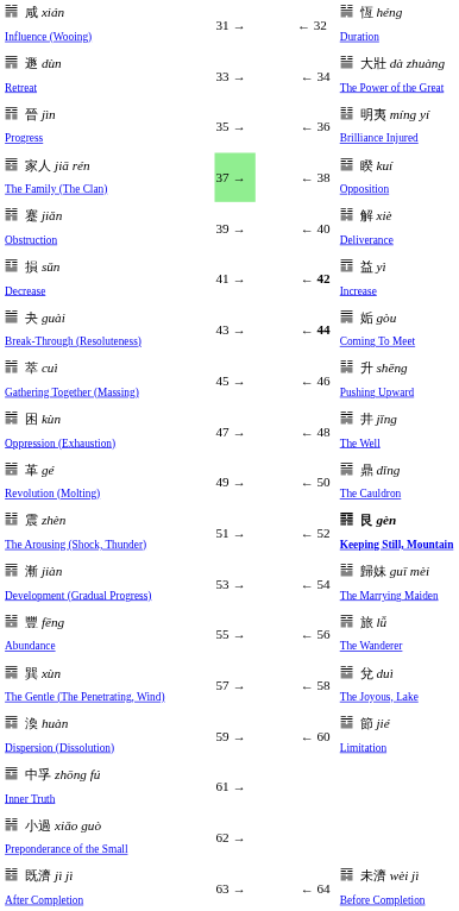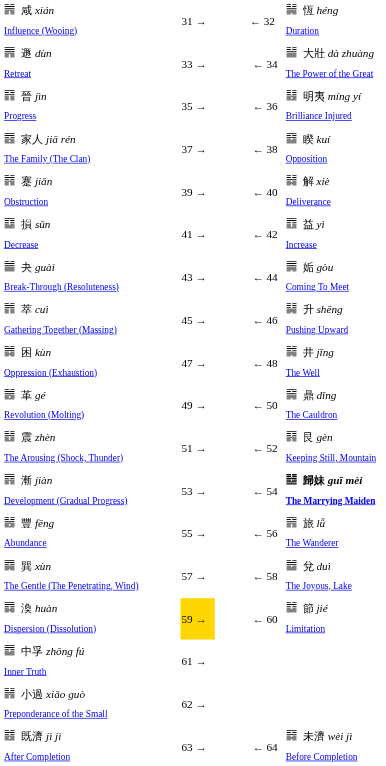 <table style="width:41em;line-height:1.75em;">
 <tr>
 <td style="width:17em;">䷞  咸 <em>xián</em><br><small><a href='#'>Influence (Wooing)</a></small></td>
 <td style="width:3em;">31 →</td>
 <td style="width:1em;font-size:300%;"></td>
 <td style="width:3em;">← 32</td>
 <td style="width:17em;">䷟  恆 <em>héng</em><br><small><a href='#'>Duration</a></small></td>
 </tr>
 <tr>
 <td>䷠  遯 <em>dùn</em><br><small><a href='#'>Retreat</a></small></td>
 <td>33 → </td>
 <td style="font-size:300%;"></td>
 <td> ← 34 </td>
 <td>䷡  大壯 <em>dà zhuàng</em><br><small><a href='#'>The Power of the Great</a></small></td>
 </tr>
 <tr>
 <td>䷢  晉 <em>jìn</em><br><small><a href='#'>Progress</a></small></td>
 <td>35 → </td>
 <td style="font-size:300%;"></td>
 <td> ← 36 </td>
 <td>䷣  明夷 <em>míng yí</em><br><small><a href='#'>Brilliance Injured</a></small></td>
 </tr>
 <tr>
 <td>䷤  家人 <em>jiā rén</em><br><small><a href='#'>The Family (The Clan)</a></small></td>
-<td style="background: lightgreen;">37 → </td>
+<td>37 → </td>
 <td style="font-size:300%;"></td>
 <td> ← 38 </td>
 <td>䷥  睽 <em>kuí</em><br><small><a href='#'>Opposition</a></small></td>
 </tr>
 <tr>
 <td>䷦  蹇 <em>jiǎn</em><br><small><a href='#'>Obstruction</a></small></td>
 <td>39 → </td>
 <td style="font-size:300%;"></td>
 <td> ← 40 </td>
 <td>䷧  解 <em>xiè</em><br><small><a href='#'>Deliverance</a></small></td>
 </tr>
 <tr>
 <td>䷨  損 <em>sǔn</em><br><small><a href='#'>Decrease</a></small></td>
 <td>41 → </td>
 <td style="font-size:300%;"></td>
-<td><strong> ← 42 </strong></td>
+<td> ← 42 </td>
 <td>䷩  益 <em>yì</em><br><small><a href='#'>Increase</a></small></td>
 </tr>
 <tr>
 <td>䷪  夬 <em>guài</em><br><small><a href='#'>Break-Through (Resoluteness)</a></small></td>
 <td>43 → </td>
 <td style="font-size:300%;"></td>
-<td><strong> ← 44 </strong></td>
+<td> ← 44 </td>
 <td>䷫  姤 <em>gòu</em><br><small><a href='#'>Coming To Meet</a></small></td>
 </tr>
 <tr>
 <td>䷬  萃 <em>cuì</em><br><small><a href='#'>Gathering Together (Massing)</a></small></td>
 <td>45 → </td>
 <td style="font-size:300%;"></td>
 <td> ← 46 </td>
 <td>䷭  升 <em>shēng</em><br><small><a href='#'>Pushing Upward</a></small></td>
 </tr>
 <tr>
 <td>䷮  困 <em>kùn</em><br><small><a href='#'>Oppression (Exhaustion)</a></small></td>
 <td>47 → </td>
 <td style="font-size:300%;"></td>
 <td> ← 48 </td>
 <td>䷯  井 <em>jǐng</em><br><small><a href='#'>The Well</a></small></td>
 </tr>
 <tr>
 <td>䷰  革 <em>gé</em><br><small><a href='#'>Revolution (Molting)</a></small></td>
 <td>49 → </td>
 <td style="font-size:300%;"></td>
 <td> ← 50 </td>
 <td>䷱  鼎 <em>dǐng</em><br><small><a href='#'>The Cauldron</a></small></td>
 </tr>
 <tr>
 <td>䷲  震 <em>zhèn</em><br><small><a href='#'>The Arousing (Shock, Thunder)</a></small></td>
 <td>51 → </td>
 <td style="font-size:300%;"></td>
 <td> ← 52 </td>
-<td><strong>䷳  艮 <em>gèn</em><br><small><a href='#'>Keeping Still, Mountain</a></small></strong></td>
+<td>䷳  艮 <em>gèn</em><br><small><a href='#'>Keeping Still, Mountain</a></small></td>
 </tr>
 <tr>
 <td>䷴  漸 <em>jiàn</em><br><small><a href='#'>Development (Gradual Progress)</a></small></td>
 <td>53 → </td>
 <td style="font-size:300%;"></td>
 <td> ← 54 </td>
-<td>䷵  歸妹 <em>guī mèi</em><br><small><a href='#'>The Marrying Maiden</a></small></td>
+<td><strong>䷵  歸妹 <em>guī mèi</em><br><small><a href='#'>The Marrying Maiden</a></small></strong></td>
 </tr>
 <tr>
 <td>䷶  豐 <em>fēng</em><br><small><a href='#'>Abundance</a></small></td>
 <td>55 → </td>
 <td style="font-size:300%;"></td>
 <td> ← 56 </td>
 <td>䷷  旅 <em>lǚ</em><br><small><a href='#'>The Wanderer</a></small></td>
 </tr>
 <tr>
 <td>䷸  巽 <em>xùn</em><br><small><a href='#'>The Gentle (The Penetrating, Wind)</a></small></td>
 <td>57 → </td>
 <td style="font-size:300%;"></td>
 <td> ← 58 </td>
 <td>䷹  兌 <em>duì</em><br><small><a href='#'>The Joyous, Lake</a></small></td>
 </tr>
 <tr>
 <td>䷺  渙 <em>huàn</em><br><small><a href='#'>Dispersion (Dissolution)</a></small></td>
-<td>59 → </td>
+<td style="background: gold;">59 → </td>
 <td style="font-size:300%;"></td>
 <td> ← 60 </td>
 <td>䷻  節 <em>jié</em><br><small><a href='#'>Limitation</a></small></td>
 </tr>
 <tr>
 <td>䷼  中孚 <em>zhōng fú</em><br><small><a href='#'>Inner Truth</a></small></td>
 <td>61 → </td>
 <td style="font-size:300%;"></td>
 <td></td>
 <td></td>
 </tr>
 <tr>
 <td>䷽  小過 <em>xiǎo guò</em><br><small><a href='#'>Preponderance of the Small</a></small></td>
 <td>62 → </td>
 <td style="font-size:300%;"></td>
 </tr>
 <tr>
 <td>䷾  既濟 <em>jì jì</em><br><small><a href='#'>After Completion</a></small></td>
 <td>63 → </td>
 <td style="font-size:300%;"></td>
 <td> ← 64 </td>
 <td>䷿  未濟 <em>wèi jì</em><br><small><a href='#'>Before Completion</a></small></td>
 </tr>
 </table>
